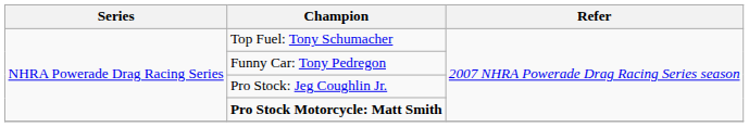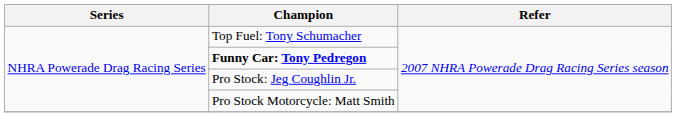 <table class="wikitable" style="font-size:87%;">
 <tr>
 <th>Series</th>
 <th>Champion</th>
 <th>Refer</th>
 </tr>
 <tr>
 <td rowspan=4><a href='#'>NHRA Powerade Drag Racing Series</a></td>
 <td>Top Fuel:  <a href='#'>Tony Schumacher</a></td>
 <td rowspan=4><em><a href='#'>2007 NHRA Powerade Drag Racing Series season</a></em></td>
 </tr>
 <tr>
-<td>Funny Car:  <a href='#'>Tony Pedregon</a></td>
+<td><strong>Funny Car:  <a href='#'>Tony Pedregon</a></strong></td>
 </tr>
 <tr>
 <td>Pro Stock:  <a href='#'>Jeg Coughlin Jr.</a></td>
 </tr>
 <tr>
-<td><strong>Pro Stock Motorcycle:  Matt Smith</strong></td>
+<td>Pro Stock Motorcycle:  Matt Smith</td>
 </tr>
 <tr>
 </tr>
 </table>
